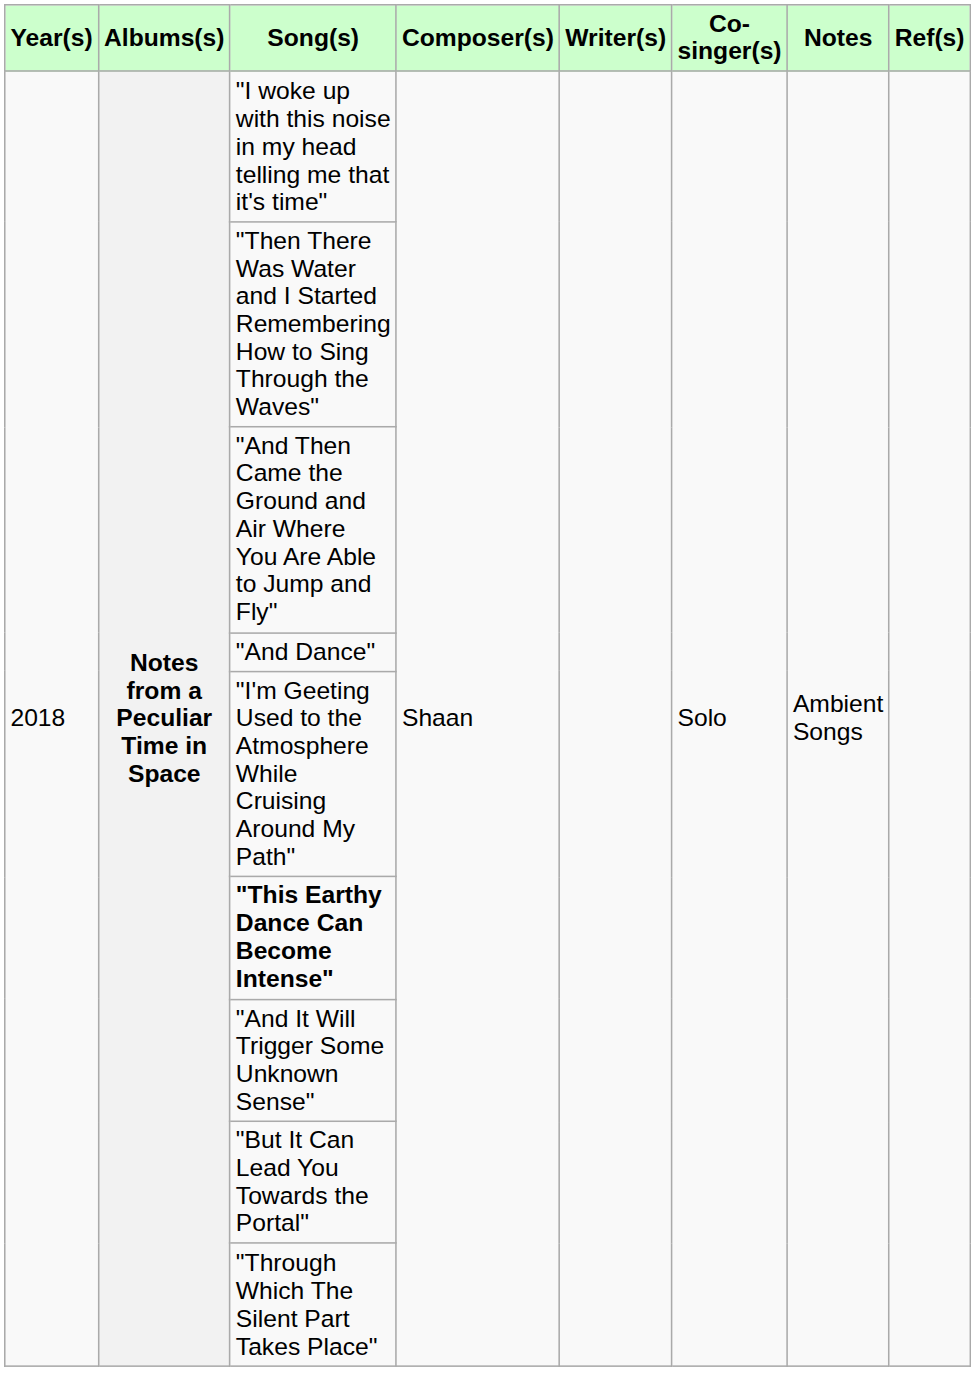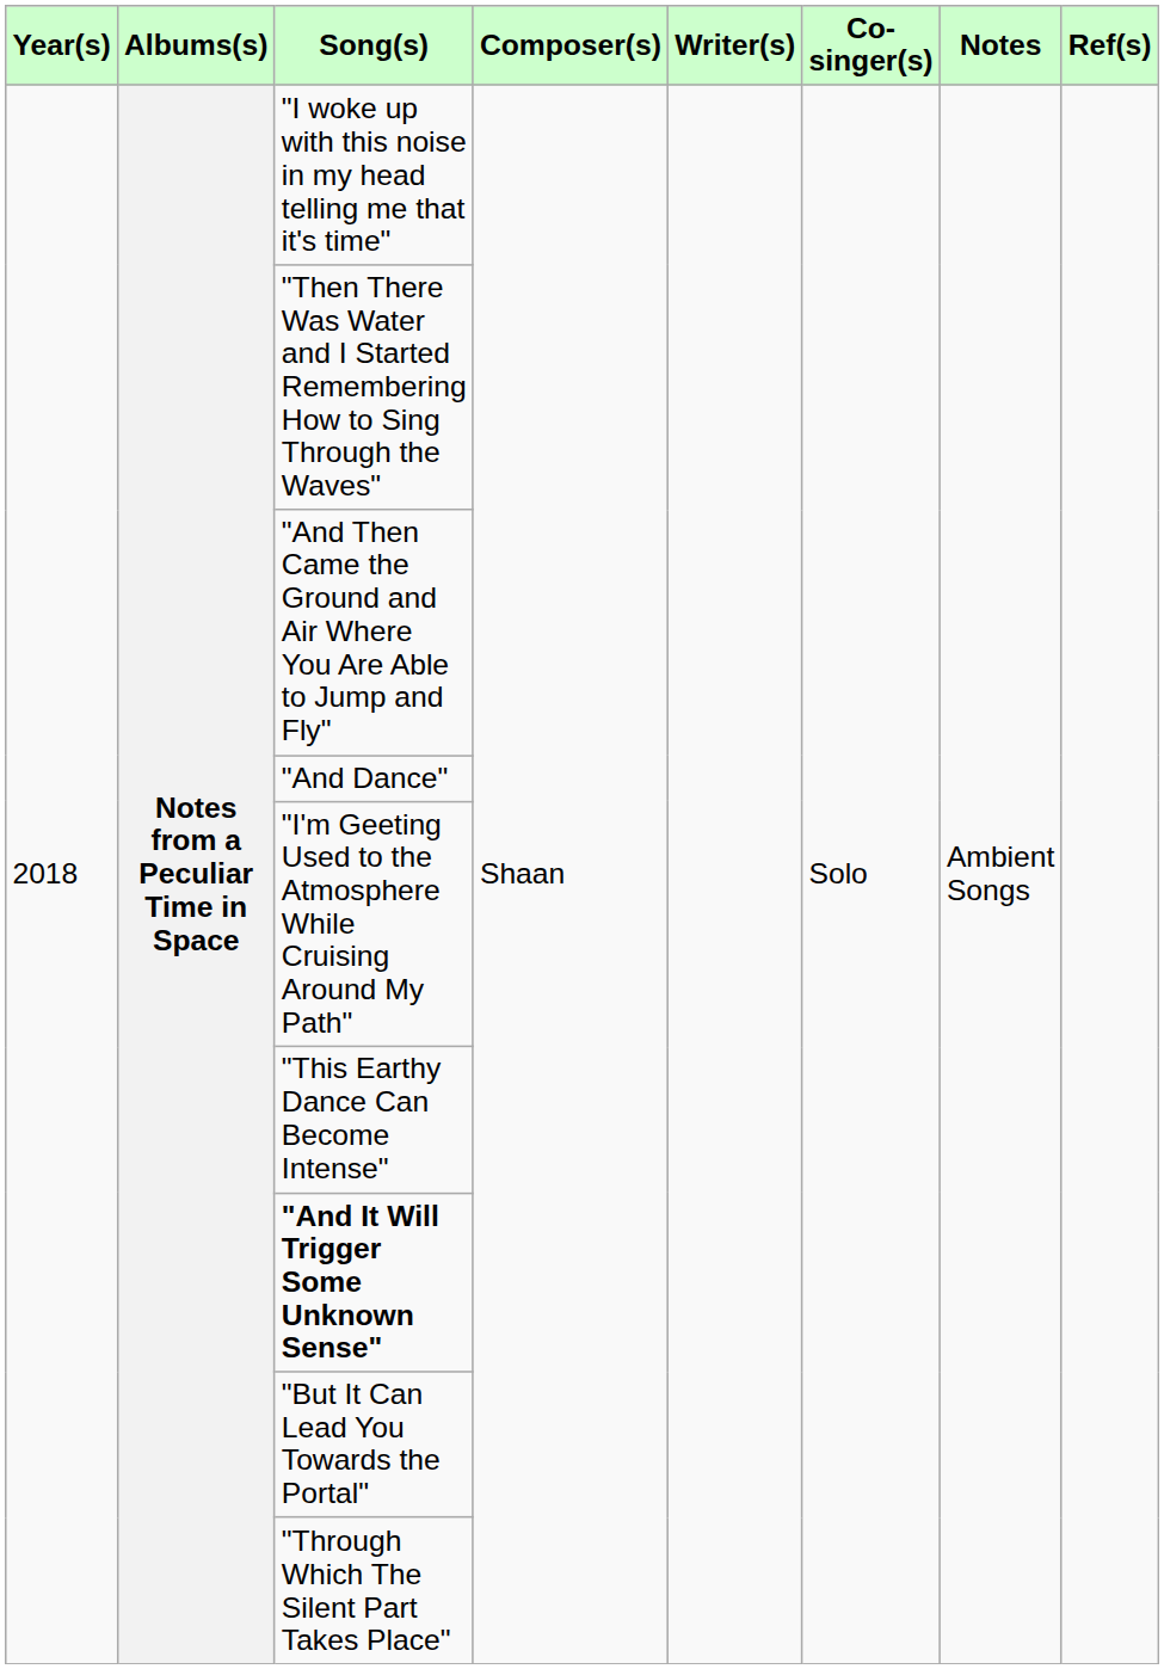 <table class="wikitable plainrowheaders" style="width:100%;" textcolor:#000;">
 <tr style="background:#cfc; text-align:center;">
 <td scope="col" style="width:20%;"><strong>Year(s)</strong></td>
 <td scope="col" style="width:18%;"><strong>Albums(s)</strong></td>
 <td scope="col" style="width:23%;"><strong>Song(s)</strong></td>
 <td scope="col" style="width:21%;"><strong>Composer(s)</strong></td>
 <td scope="col" style="width:21%;"><strong>Writer(s)</strong></td>
 <td scope="col" style="width:21%;"><strong>Co-singer(s)</strong></td>
 <td scope="col" style="width:21%;"><strong>Notes</strong></td>
 <td scope="col" style="width:1%;"><strong>Ref(s)</strong></td>
 </tr>
 <tr>
 <td rowspan="9">2018</td>
 <th rowspan="9">Notes from a Peculiar Time in Space</th>
 <td>"I woke up with this noise in my head telling me that it's time"</td>
 <td rowspan="9">Shaan</td>
 <td rowspan="9"></td>
 <td rowspan="10">Solo</td>
 <td rowspan="9">Ambient Songs</td>
 <td rowspan="9"></td>
 </tr>
 <tr>
 <td>"Then There Was Water and I Started Remembering How to Sing Through the Waves"</td>
 </tr>
 <tr>
 <td>"And Then Came the Ground and Air Where You Are Able to Jump and Fly"</td>
 </tr>
 <tr>
 <td>"And Dance"</td>
 </tr>
 <tr>
 <td>"I'm Geeting Used to the Atmosphere While Cruising Around My Path"</td>
 </tr>
 <tr>
-<td><strong>"This Earthy Dance Can Become Intense"</strong></td>
+<td>"This Earthy Dance Can Become Intense"</td>
 </tr>
 <tr>
-<td>"And It Will Trigger Some Unknown Sense"</td>
+<td><strong>"And It Will Trigger Some Unknown Sense"</strong></td>
 </tr>
 <tr>
 <td>"But It Can Lead You Towards the Portal"</td>
 </tr>
 <tr>
 <td>"Through Which The Silent Part Takes Place"</td>
 </tr>
 </table>
